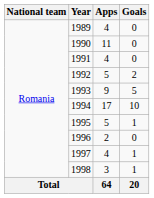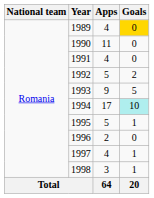 <table class="wikitable" style="text-align:center">
 <tr>
 <th>National team</th>
 <th>Year</th>
 <th>Apps</th>
 <th>Goals</th>
 </tr>
 <tr>
 <td rowspan="10"><a href='#'>Romania</a></td>
 <td>1989</td>
 <td>4</td>
-<td>0</td>
+<td style="background: gold;">0</td>
 </tr>
 <tr>
 <td>1990</td>
 <td>11</td>
 <td>0</td>
 </tr>
 <tr>
 <td>1991</td>
 <td>4</td>
 <td>0</td>
 </tr>
 <tr>
 <td>1992</td>
 <td>5</td>
 <td>2</td>
 </tr>
 <tr>
 <td>1993</td>
 <td>9</td>
 <td>5</td>
 </tr>
 <tr>
 <td>1994</td>
 <td>17</td>
-<td>10</td>
+<td style="background: paleturquoise;">10</td>
 </tr>
 <tr>
 <td>1995</td>
 <td>5</td>
 <td>1</td>
 </tr>
 <tr>
 <td>1996</td>
 <td>2</td>
 <td>0</td>
 </tr>
 <tr>
 <td>1997</td>
 <td>4</td>
 <td>1</td>
 </tr>
 <tr>
 <td>1998</td>
 <td>3</td>
 <td>1</td>
 </tr>
 <tr>
 <th colspan="2">Total</th>
 <th>64</th>
 <th>20</th>
 </tr>
 </table>
